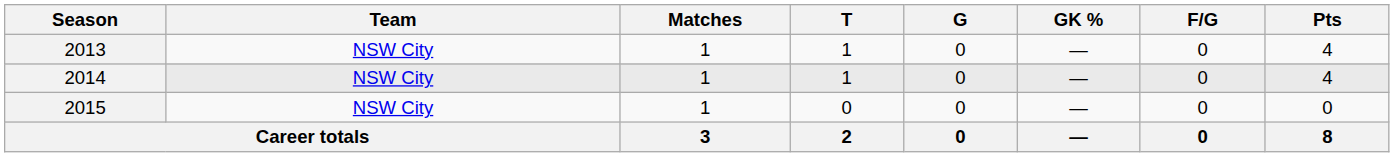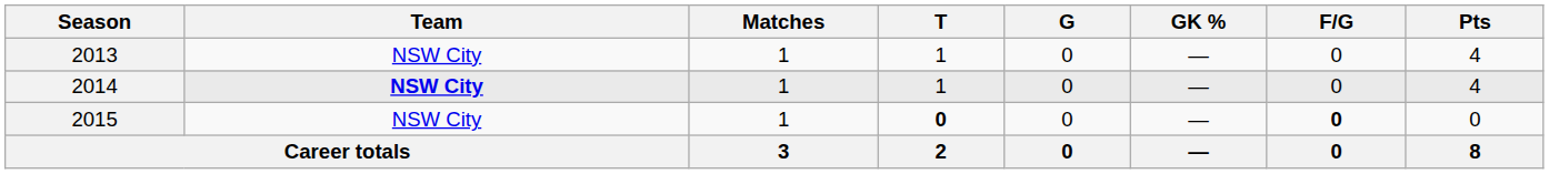 <table class="wikitable sortable"  style="font-size:90%; text-align:center; width:85%;">
 <tr>
 <th width=2%>Season</th>
 <th width=8%>Team</th>
 <th width=2%>Matches</th>
 <th width=2%>T</th>
 <th width=2%>G</th>
 <th width=2%>GK %</th>
 <th width=2%>F/G</th>
 <th width=2%>Pts</th>
 </tr>
 <tr>
 <th scope="row" style="text-align:center; font-weight:normal">2013</th>
 <td style="text-align:center;"> <a href='#'>NSW City</a></td>
 <td>1</td>
 <td>1</td>
 <td>0</td>
 <td>—</td>
 <td>0</td>
 <td>4</td>
 </tr>
 <tr style="background:#eaeaea;">
 <th scope="row" style="text-align:center; font-weight:normal">2014</th>
-<td style="text-align:center;"> <a href='#'>NSW City</a></td>
+<td style="text-align:center;"><strong> <a href='#'>NSW City</a></strong></td>
 <td>1</td>
 <td>1</td>
 <td>0</td>
 <td>—</td>
 <td>0</td>
 <td>4</td>
 </tr>
 <tr>
 <th scope="row" style="text-align:center; font-weight:normal">2015</th>
 <td style="text-align:center;"> <a href='#'>NSW City</a></td>
 <td>1</td>
-<td>0</td>
+<td><strong>0</strong></td>
 <td>0</td>
 <td>—</td>
-<td>0</td>
+<td><strong>0</strong></td>
 <td>0</td>
 </tr>
 <tr class="sortbottom">
 <th colspan=2>Career totals</th>
 <th>3</th>
 <th>2</th>
 <th>0</th>
 <th>—</th>
 <th>0</th>
 <th>8</th>
 </tr>
 </table>
